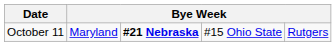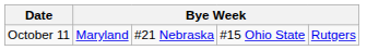 <table class="wikitable" style="font-size:95%;">
 <tr>
 <th>Date</th>
 <th colspan="4">Bye Week</th>
 </tr>
 <tr>
 <td>October 11</td>
 <td><a href='#'>Maryland</a></td>
-<td><strong>#21 <a href='#'>Nebraska</a></strong></td>
+<td>#21 <a href='#'>Nebraska</a></td>
 <td>#15 <a href='#'>Ohio State</a></td>
 <td><a href='#'>Rutgers</a></td>
 </tr>
 </table>
